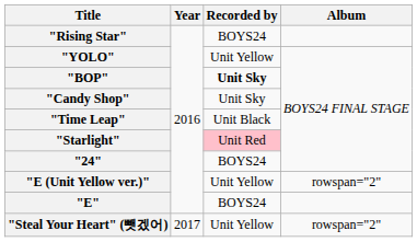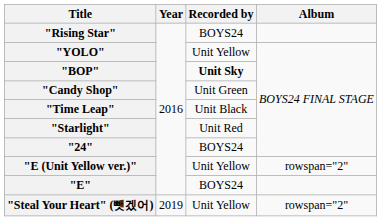 <table class="wikitable plainrowheaders" style="text-align:center;" border="1">
 <tr>
 <th scope="col">Title</th>
 <th scope="col">Year</th>
 <th scope="col">Recorded by</th>
 <th scope="col">Album</th>
 </tr>
 <tr>
 <th scope="row">"Rising Star"</th>
 <td rowspan="9">2016</td>
 <td>BOYS24</td>
 <td></td>
 </tr>
 <tr>
 <th scope="row">"YOLO"</th>
 <td>Unit Yellow</td>
 <td rowspan="6"><em>BOYS24 FINAL STAGE</em></td>
 </tr>
 <tr>
 <th scope="row">"BOP"</th>
 <td><strong>Unit Sky</strong></td>
 </tr>
 <tr>
 <th scope="row">"Candy Shop"</th>
-<td>Unit Sky</td>
+<td>Unit Green</td>
 </tr>
 <tr>
 <th scope="row">"Time Leap"</th>
 <td>Unit Black</td>
 </tr>
 <tr>
 <th scope="row">"Starlight"</th>
-<td style="background: pink;">Unit Red</td>
+<td>Unit Red</td>
 </tr>
 <tr>
 <th scope="row">"24"</th>
 <td>BOYS24</td>
 </tr>
 <tr>
 <th scope="row">"E (Unit Yellow ver.)"</th>
 <td>Unit Yellow</td>
 <td>rowspan="2" </td>
 </tr>
 <tr>
 <th scope="row">"E"</th>
 <td>BOYS24</td>
 </tr>
 <tr>
 <th scope="row">"Steal Your Heart" (뺏겠어)</th>
-<td>2017</td>
+<td>2019</td>
 <td>Unit Yellow</td>
 <td>rowspan="2" </td>
 </tr>
 </table>
